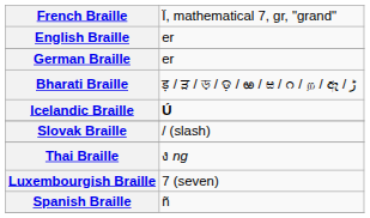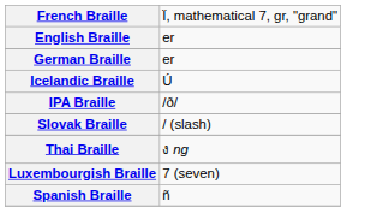 <table class="wikitable">
 <tr>
 <th align=left><a href='#'>French Braille</a></th>
 <td>Ï, mathematical 7, gr, "grand"</td>
 </tr>
 <tr>
 <th align=left><a href='#'>English Braille</a></th>
 <td>er</td>
 </tr>
 <tr>
 </tr>
 <tr>
 <th align=left><a href='#'>German Braille</a></th>
 <td>er</td>
 </tr>
 <tr>
-<th align=left><a href='#'>Bharati Braille</a></th>
-<td>ड़ / ੜ / ড় / ଡ଼ / ఱ / ಱ / റ / ற / ඈ / ڑ ‎</td>
+<th align=left><a href='#'>Icelandic Braille</a></th>
+<td>Ú</td>
 </tr>
 <tr>
-<th align=left><a href='#'>Icelandic Braille</a></th>
-<td><strong>Ú</strong></td>
+<th align=left><a href='#'>IPA Braille</a></th>
+<td>/ð/</td>
 </tr>
 <tr>
 </tr>
 <tr>
 <th align=left><a href='#'>Slovak Braille</a></th>
 <td>/ (slash)</td>
 </tr>
 <tr>
 </tr>
 <tr>
 </tr>
 <tr>
 </tr>
 <tr>
 <th align=left><a href='#'>Thai Braille</a></th>
 <td>ง <em>ng</em></td>
 </tr>
 <tr>
 <th align=left><a href='#'>Luxembourgish Braille</a></th>
 <td>7 (seven)</td>
 </tr>
 <tr>
 <th align=left><a href='#'>Spanish Braille</a></th>
 <td>ñ</td>
 </tr>
 <tr>
 </tr>
 </table>
